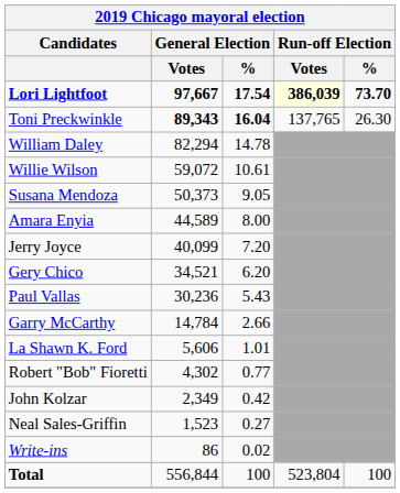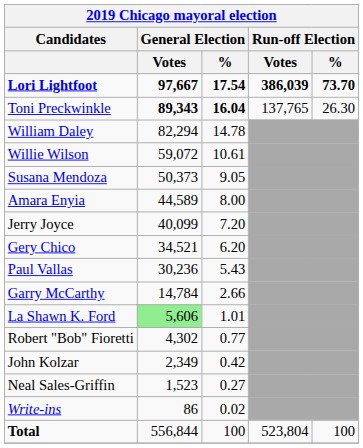 <table class=wikitable>
 <tr>
 <th colspan=5><a href='#'>2019 Chicago mayoral election</a></th>
 </tr>
 <tr>
 <th colspan=1><strong>Candidates</strong></th>
 <th colspan=2><strong>General Election</strong></th>
 <th colspan=2><strong>Run-off Election</strong></th>
 </tr>
 <tr>
 <th></th>
 <th>Votes</th>
 <th>%</th>
 <th>Votes</th>
 <th>%</th>
 </tr>
 <tr>
 <td><strong><a href='#'>Lori Lightfoot</a></strong></td>
 <td align="right"><strong>97,667</strong></td>
 <td align="right"><strong>17.54</strong></td>
-<td align="right" style="background: lightyellow;"><strong>386,039</strong></td>
+<td align="right"><strong>386,039</strong></td>
 <td align="right"><strong>73.70</strong></td>
 </tr>
 <tr>
 <td><a href='#'>Toni Preckwinkle</a></td>
 <td align="right"><strong>89,343</strong></td>
 <td align="right"><strong>16.04</strong></td>
 <td align="right">137,765</td>
 <td align="right">26.30</td>
 </tr>
 <tr>
 <td><a href='#'>William Daley</a></td>
 <td align="right">82,294</td>
 <td align="right">14.78</td>
 <td colspan=2 bgcolor=darkgray></td>
 </tr>
 <tr>
 <td><a href='#'>Willie Wilson</a></td>
 <td align="right">59,072</td>
 <td align="right">10.61</td>
 <td colspan=2 bgcolor=darkgray></td>
 </tr>
 <tr>
 <td><a href='#'>Susana Mendoza</a></td>
 <td align="right">50,373</td>
 <td align="right">9.05</td>
 <td colspan=2 bgcolor=darkgray></td>
 </tr>
 <tr>
 <td><a href='#'>Amara Enyia</a></td>
 <td align="right">44,589</td>
 <td align="right">8.00</td>
 <td colspan=2 bgcolor=darkgray></td>
 </tr>
 <tr>
 <td>Jerry Joyce</td>
 <td align="right">40,099</td>
 <td align="right">7.20</td>
 <td colspan=2 bgcolor=darkgray></td>
 </tr>
 <tr>
 <td><a href='#'>Gery Chico</a></td>
 <td align="right">34,521</td>
 <td align="right">6.20</td>
 <td colspan=2 bgcolor=darkgray></td>
 </tr>
 <tr>
 <td><a href='#'>Paul Vallas</a></td>
 <td align="right">30,236</td>
 <td align="right">5.43</td>
 <td colspan=2 bgcolor=darkgray></td>
 </tr>
 <tr>
 <td><a href='#'>Garry McCarthy</a></td>
 <td align="right">14,784</td>
 <td align="right">2.66</td>
 <td colspan=2 bgcolor=darkgray></td>
 </tr>
 <tr>
 <td><a href='#'>La Shawn K. Ford</a></td>
-<td align="right">5,606</td>
+<td align="right" style="background: lightgreen;">5,606</td>
 <td align="right">1.01</td>
 <td colspan=2 bgcolor=darkgray></td>
 </tr>
 <tr>
 <td>Robert "Bob" Fioretti</td>
 <td align="right">4,302</td>
 <td align="right">0.77</td>
 <td colspan=2 bgcolor=darkgray></td>
 </tr>
 <tr>
 <td>John Kolzar</td>
 <td align="right">2,349</td>
 <td align="right">0.42</td>
 <td colspan=2 bgcolor=darkgray></td>
 </tr>
 <tr>
 <td>Neal Sales-Griffin</td>
 <td align="right">1,523</td>
 <td align="right">0.27</td>
 <td colspan=2 bgcolor=darkgray></td>
 </tr>
 <tr>
 <td><em><a href='#'>Write-ins</a></em></td>
 <td align="right">86</td>
 <td align="right">0.02</td>
 <td colspan=2 bgcolor=darkgray></td>
 </tr>
 <tr>
 <td><strong>Total</strong></td>
 <td align="right">556,844</td>
 <td align="right">100</td>
 <td align="right">523,804</td>
 <td align="right">100</td>
 </tr>
 <tr>
 </tr>
 </table>
